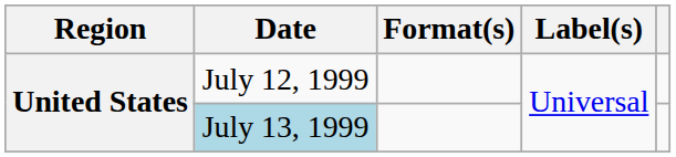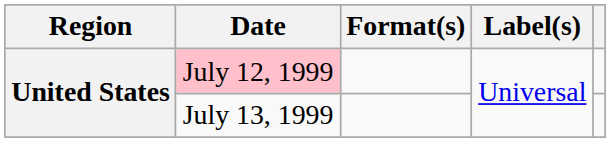 <table class="wikitable plainrowheaders">
 <tr>
 <th scope="col">Region</th>
 <th scope="col">Date</th>
 <th scope="col">Format(s)</th>
 <th scope="col">Label(s)</th>
 <th scope="col"></th>
 </tr>
 <tr>
 <th scope="row" rowspan="2">United States</th>
-<td>July 12, 1999</td>
+<td style="background: pink;">July 12, 1999</td>
 <td></td>
 <td rowspan="2"><a href='#'>Universal</a></td>
 <td align="center"></td>
 </tr>
 <tr>
-<td style="background: lightblue;">July 13, 1999</td>
+<td>July 13, 1999</td>
 <td></td>
 <td align="center"></td>
 </tr>
 </table>
